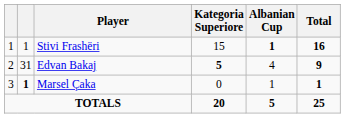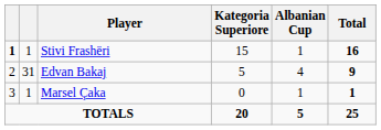 <table class="wikitable sortable" style="font-size: 95%; text-align: center;">
 <tr>
 <th width=10></th>
 <th width=10></th>
 <th width=200>Player</th>
 <th width=50>Kategoria Superiore</th>
 <th width=50>Albanian Cup</th>
 <th width=50>Total</th>
 </tr>
 <tr>
-<td>1</td>
+<td><strong>1</strong></td>
 <td>1</td>
 <td align="left"> <a href='#'>Stivi Frashëri</a></td>
 <td>15</td>
-<td><strong>1</strong></td>
+<td>1</td>
 <td><strong>16</strong></td>
 </tr>
 <tr>
 <td>2</td>
 <td>31</td>
 <td align=left> <a href='#'>Edvan Bakaj</a></td>
-<td><strong>5</strong></td>
+<td>5</td>
 <td>4</td>
 <td><strong>9</strong></td>
 </tr>
 <tr>
 <td>3</td>
-<td><strong>1</strong></td>
+<td>1</td>
 <td align=left> <a href='#'>Marsel Çaka</a></td>
 <td>0</td>
 <td>1</td>
 <td><strong>1</strong></td>
 </tr>
 <tr>
 <td colspan="3"><strong>TOTALS</strong></td>
 <td><strong>20</strong></td>
 <td><strong>5</strong></td>
 <td><strong>25</strong></td>
 </tr>
 </table>
